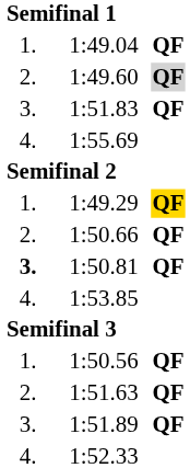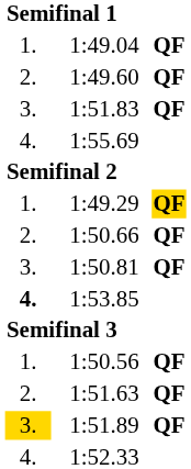 <table style="text-align:center">
 <tr>
 <td colspan=4 align=left><strong>Semifinal 1</strong></td>
 </tr>
 <tr>
 <td width=30>1.</td>
 <td align=left></td>
 <td width=60>1:49.04</td>
 <td><strong>QF</strong></td>
 </tr>
 <tr>
 <td>2.</td>
 <td align=left></td>
 <td>1:49.60</td>
-<td style="background: lightgrey;"><strong>QF</strong></td>
+<td><strong>QF</strong></td>
 </tr>
 <tr>
 <td>3.</td>
 <td align=left></td>
 <td>1:51.83</td>
 <td><strong>QF</strong></td>
 </tr>
 <tr>
 <td>4.</td>
 <td align=left></td>
 <td>1:55.69</td>
 <td></td>
 </tr>
 <tr>
 <td colspan=4 align=left><strong>Semifinal 2</strong></td>
 </tr>
 <tr>
 <td>1.</td>
 <td align=left></td>
 <td>1:49.29</td>
 <td style="background: gold;"><strong>QF</strong></td>
 </tr>
 <tr>
 <td>2.</td>
 <td align=left></td>
 <td>1:50.66</td>
 <td><strong>QF</strong></td>
 </tr>
 <tr>
-<td><strong>3.</strong></td>
+<td>3.</td>
 <td align=left></td>
 <td>1:50.81</td>
 <td><strong>QF</strong></td>
 </tr>
 <tr>
-<td>4.</td>
+<td><strong>4.</strong></td>
 <td align=left></td>
 <td>1:53.85</td>
 <td></td>
 </tr>
 <tr>
 <td colspan=4 align=left><strong>Semifinal 3</strong></td>
 </tr>
 <tr>
 <td>1.</td>
 <td align=left></td>
 <td>1:50.56</td>
 <td><strong>QF</strong></td>
 </tr>
 <tr>
 <td>2.</td>
 <td align=left></td>
 <td>1:51.63</td>
 <td><strong>QF</strong></td>
 </tr>
 <tr>
-<td>3.</td>
+<td style="background: gold;">3.</td>
 <td align=left></td>
 <td>1:51.89</td>
 <td><strong>QF</strong></td>
 </tr>
 <tr>
 <td>4.</td>
 <td align=left></td>
 <td>1:52.33</td>
 <td></td>
 </tr>
 </table>
